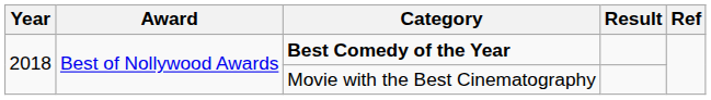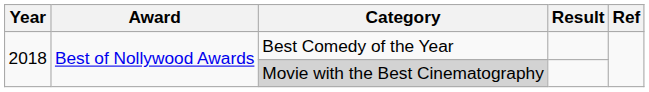 <table class="wikitable">
 <tr>
 <th>Year</th>
 <th>Award</th>
 <th>Category</th>
 <th>Result</th>
 <th>Ref</th>
 </tr>
 <tr>
 <td rowspan="2">2018</td>
 <td rowspan="2"><a href='#'>Best of Nollywood Awards</a></td>
-<td><strong>Best Comedy of the Year</strong></td>
+<td>Best Comedy of the Year</td>
 <td></td>
 <td rowspan="2"></td>
 </tr>
 <tr>
-<td>Movie with the Best Cinematography</td>
+<td style="background: lightgrey;">Movie with the Best Cinematography</td>
 <td></td>
 </tr>
 </table>
